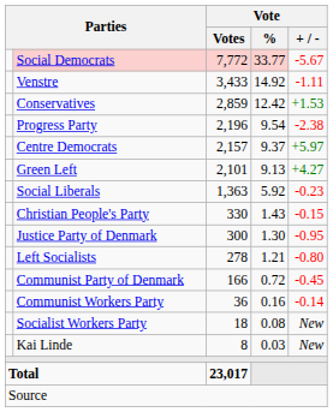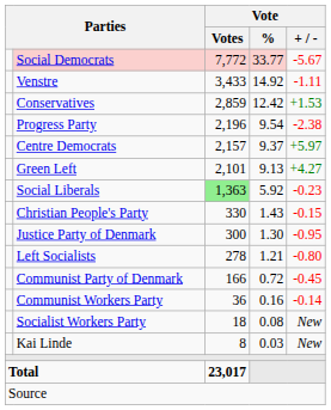 <table class="wikitable" style="text-align:right;">
 <tr>
 <th style="text-align:centre;" rowspan="2" colspan="2" width="225">Parties</th>
 <th colspan="3">Vote</th>
 </tr>
 <tr>
 <th width="15">Votes</th>
 <th width="15">%</th>
 <th width="15">+ / -</th>
 </tr>
 <tr>
 <td width="2" style="color:inherit;background:"></td>
 <td bgcolor=#fbd0ce  align="left"><a href='#'>Social Democrats</a></td>
 <td bgcolor=#fbd0ce>7,772</td>
 <td bgcolor=#fbd0ce>33.77</td>
 <td style=color:red;>-5.67</td>
 </tr>
 <tr>
 <td width="2" style="color:inherit;background:"></td>
 <td align="left"><a href='#'>Venstre</a></td>
 <td>3,433</td>
 <td>14.92</td>
 <td style=color:red;>-1.11</td>
 </tr>
 <tr>
 <td width="2" style="color:inherit;background:"></td>
 <td align="left"><a href='#'>Conservatives</a></td>
 <td>2,859</td>
 <td>12.42</td>
 <td style=color:green;>+1.53</td>
 </tr>
 <tr>
 <td width="2" style="color:inherit;background:"></td>
 <td align="left"><a href='#'>Progress Party</a></td>
 <td>2,196</td>
 <td>9.54</td>
 <td style=color:red;>-2.38</td>
 </tr>
 <tr>
 <td width="2" style="color:inherit;background:"></td>
 <td align="left"><a href='#'>Centre Democrats</a></td>
 <td>2,157</td>
 <td>9.37</td>
 <td style=color:green;>+5.97</td>
 </tr>
 <tr>
 <td width="2" style="color:inherit;background:"></td>
 <td align="left"><a href='#'>Green Left</a></td>
 <td>2,101</td>
 <td>9.13</td>
 <td style=color:green;>+4.27</td>
 </tr>
 <tr>
 <td width="2" style="color:inherit;background:"></td>
 <td align="left"><a href='#'>Social Liberals</a></td>
-<td>1,363</td>
+<td style="background: lightgreen;">1,363</td>
 <td>5.92</td>
 <td style=color:red;>-0.23</td>
 </tr>
 <tr>
 <td width="2" style="color:inherit;background:"></td>
 <td align="left"><a href='#'>Christian People's Party</a></td>
 <td>330</td>
 <td>1.43</td>
 <td style=color:red;>-0.15</td>
 </tr>
 <tr>
 <td width="2" style="color:inherit;background:"></td>
 <td align="left"><a href='#'>Justice Party of Denmark</a></td>
 <td>300</td>
 <td>1.30</td>
 <td style=color:red;>-0.95</td>
 </tr>
 <tr>
 <td width="2" style="color:inherit;background:"></td>
 <td align="left"><a href='#'>Left Socialists</a></td>
 <td>278</td>
 <td>1.21</td>
 <td style=color:red;>-0.80</td>
 </tr>
 <tr>
 <td width="2" style="color:inherit;background:"></td>
 <td align="left"><a href='#'>Communist Party of Denmark</a></td>
 <td>166</td>
 <td>0.72</td>
 <td style=color:red;>-0.45</td>
 </tr>
 <tr>
 <td width="2" style="color:inherit;background:"></td>
 <td align="left"><a href='#'>Communist Workers Party</a></td>
 <td>36</td>
 <td>0.16</td>
 <td style=color:red;>-0.14</td>
 </tr>
 <tr>
 <td width="2" style="color:inherit;background:"></td>
 <td align="left"><a href='#'>Socialist Workers Party</a></td>
 <td>18</td>
 <td>0.08</td>
 <td><em>New</em></td>
 </tr>
 <tr>
 <td width="2" style="color:inherit;background:"></td>
 <td align="left">Kai Linde</td>
 <td>8</td>
 <td>0.03</td>
 <td><em>New</em></td>
 </tr>
 <tr>
 <td colspan="7" bgcolor="#E9E9E9"></td>
 </tr>
 <tr>
 <td align="left" colspan="2"><strong>Total</strong></td>
 <td><strong>23,017</strong></td>
 <td bgcolor="#E9E9E9" colspan="2"></td>
 </tr>
 <tr>
 <td align="left" colspan="6">Source</td>
 </tr>
 </table>
